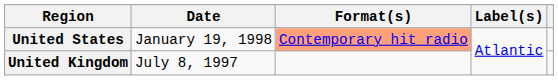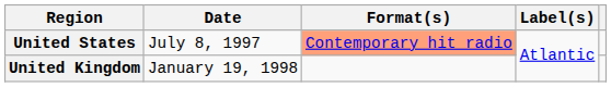 <table class="wikitable plainrowheaders">
 <tr>
 <th scope="col">Region</th>
 <th scope="col">Date</th>
 <th scope="col">Format(s)</th>
 <th scope="col">Label(s)</th>
 <th scope="col"></th>
 </tr>
 <tr>
 <th scope="row">United States</th>
-<td>January 19, 1998</td>
+<td>July 8, 1997</td>
 <td style="background: lightsalmon;"><a href='#'>Contemporary hit radio</a></td>
 <td rowspan="2"><a href='#'>Atlantic</a></td>
 <td></td>
 </tr>
 <tr>
 <th scope="row">United Kingdom</th>
-<td>July 8, 1997</td>
+<td>January 19, 1998</td>
 <td></td>
 <td></td>
 </tr>
 </table>
